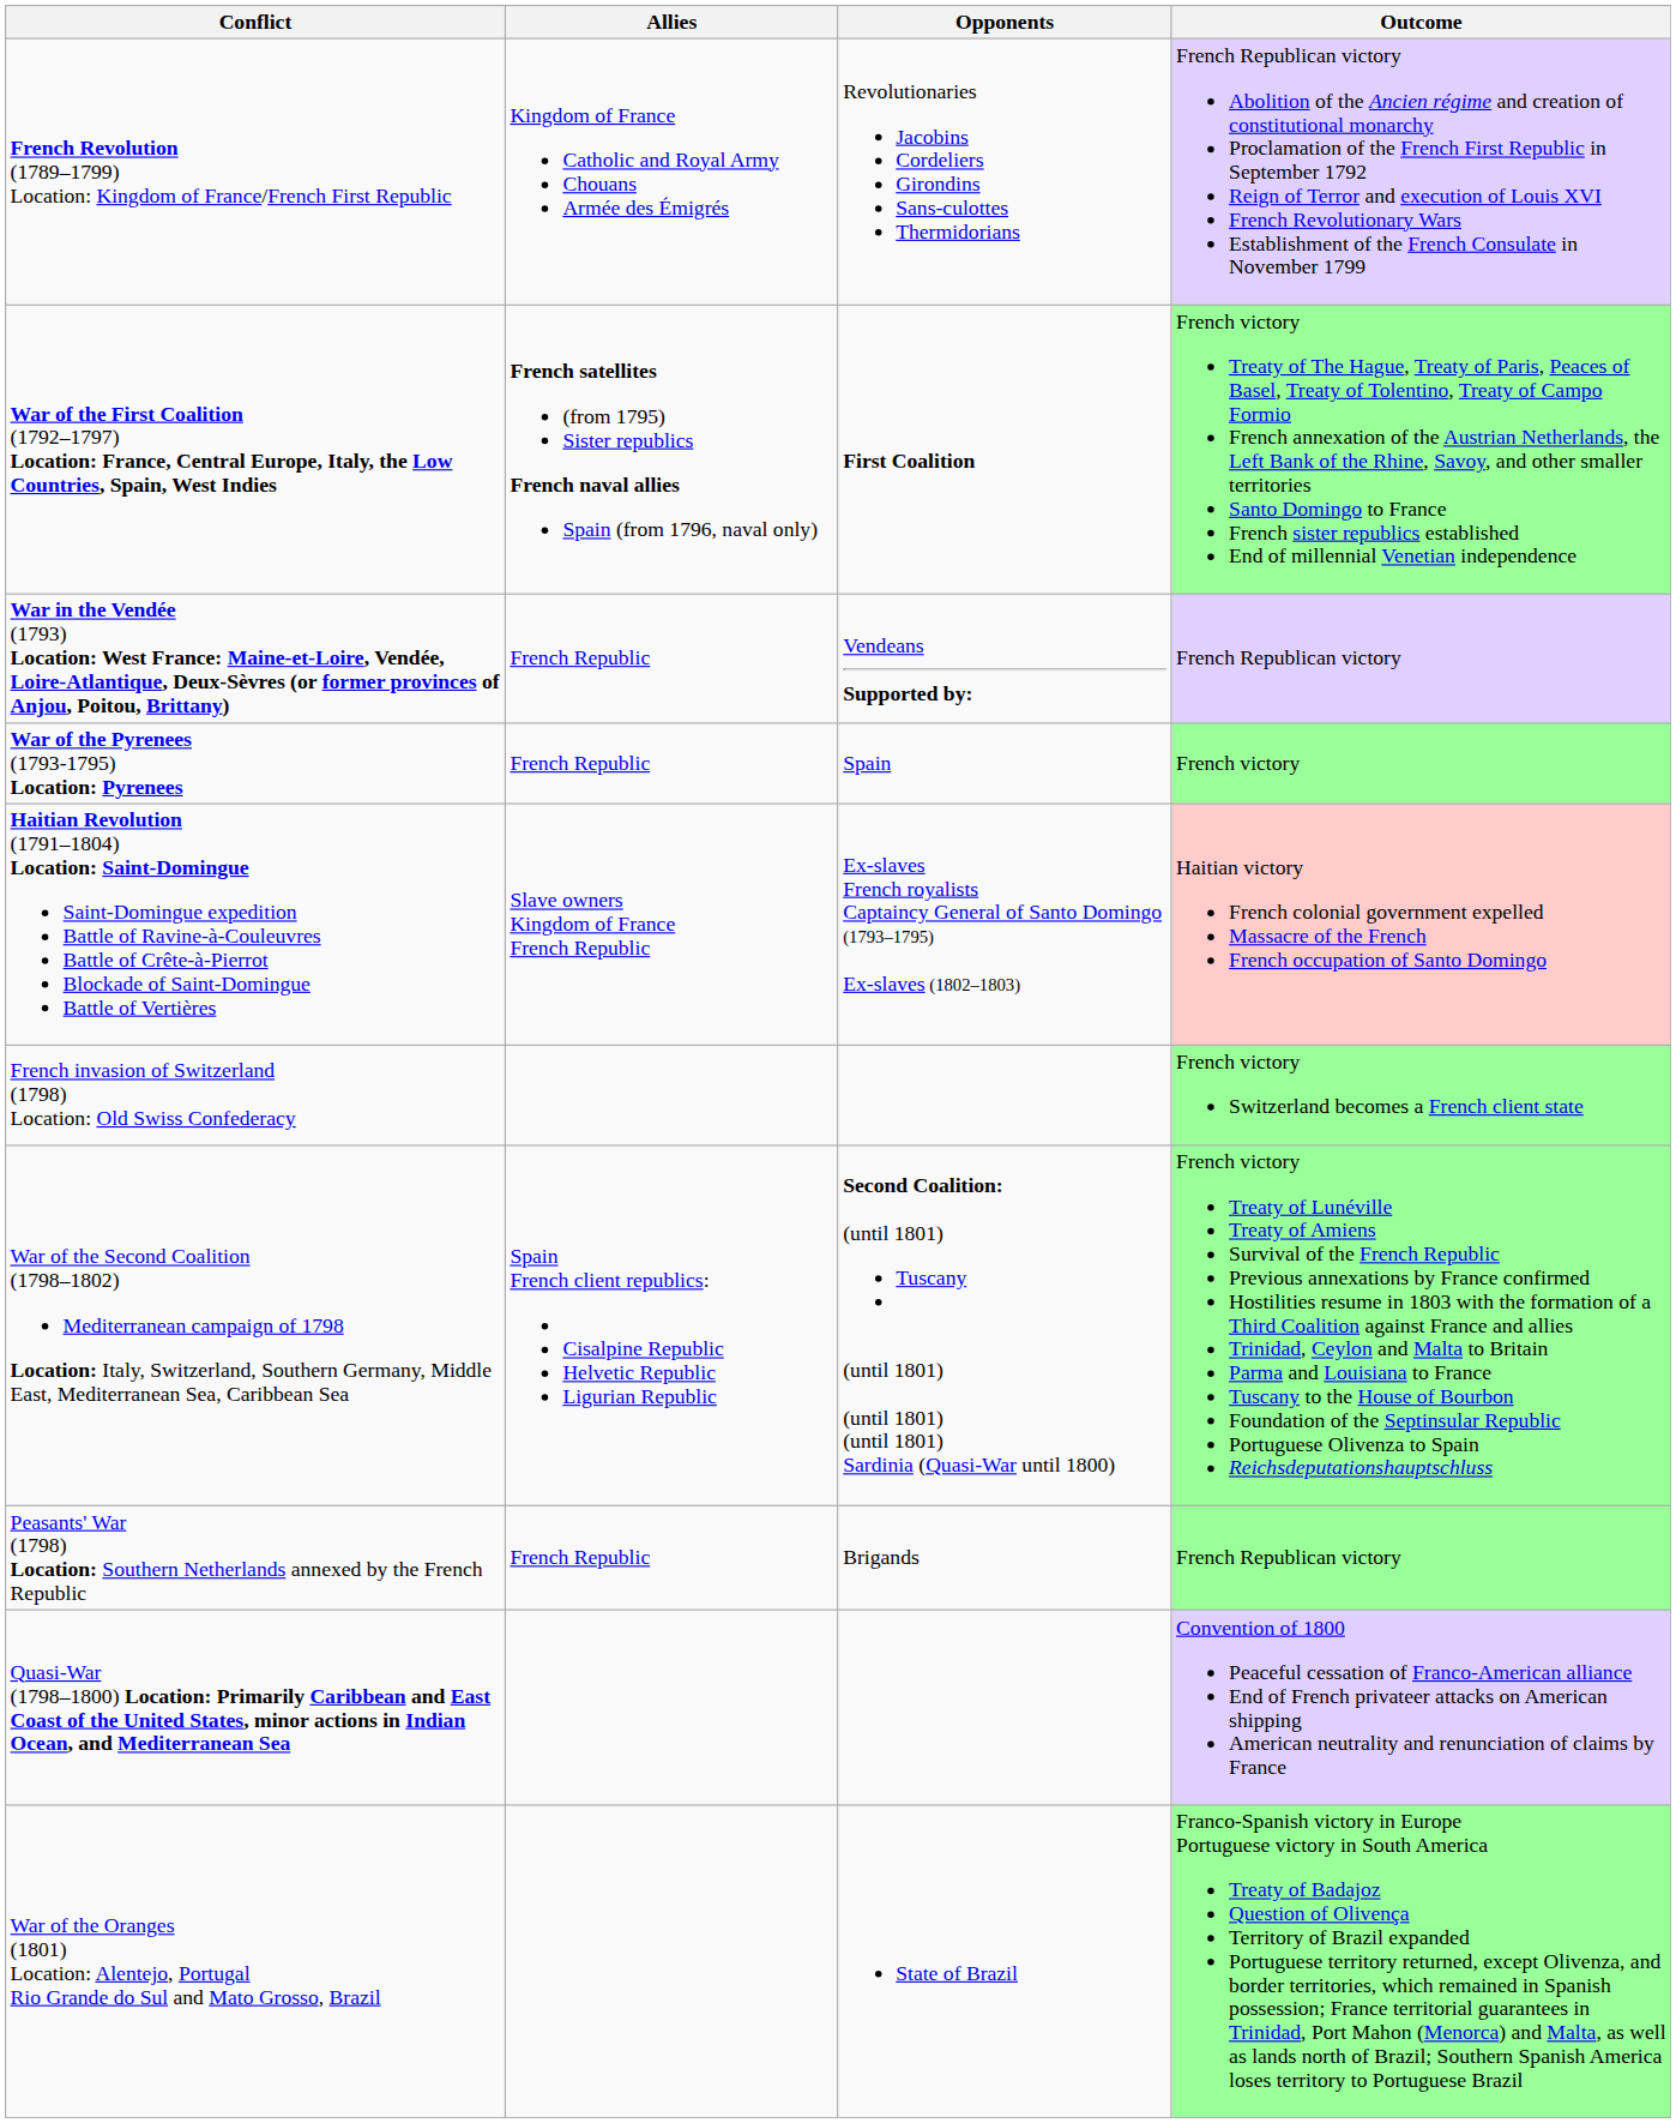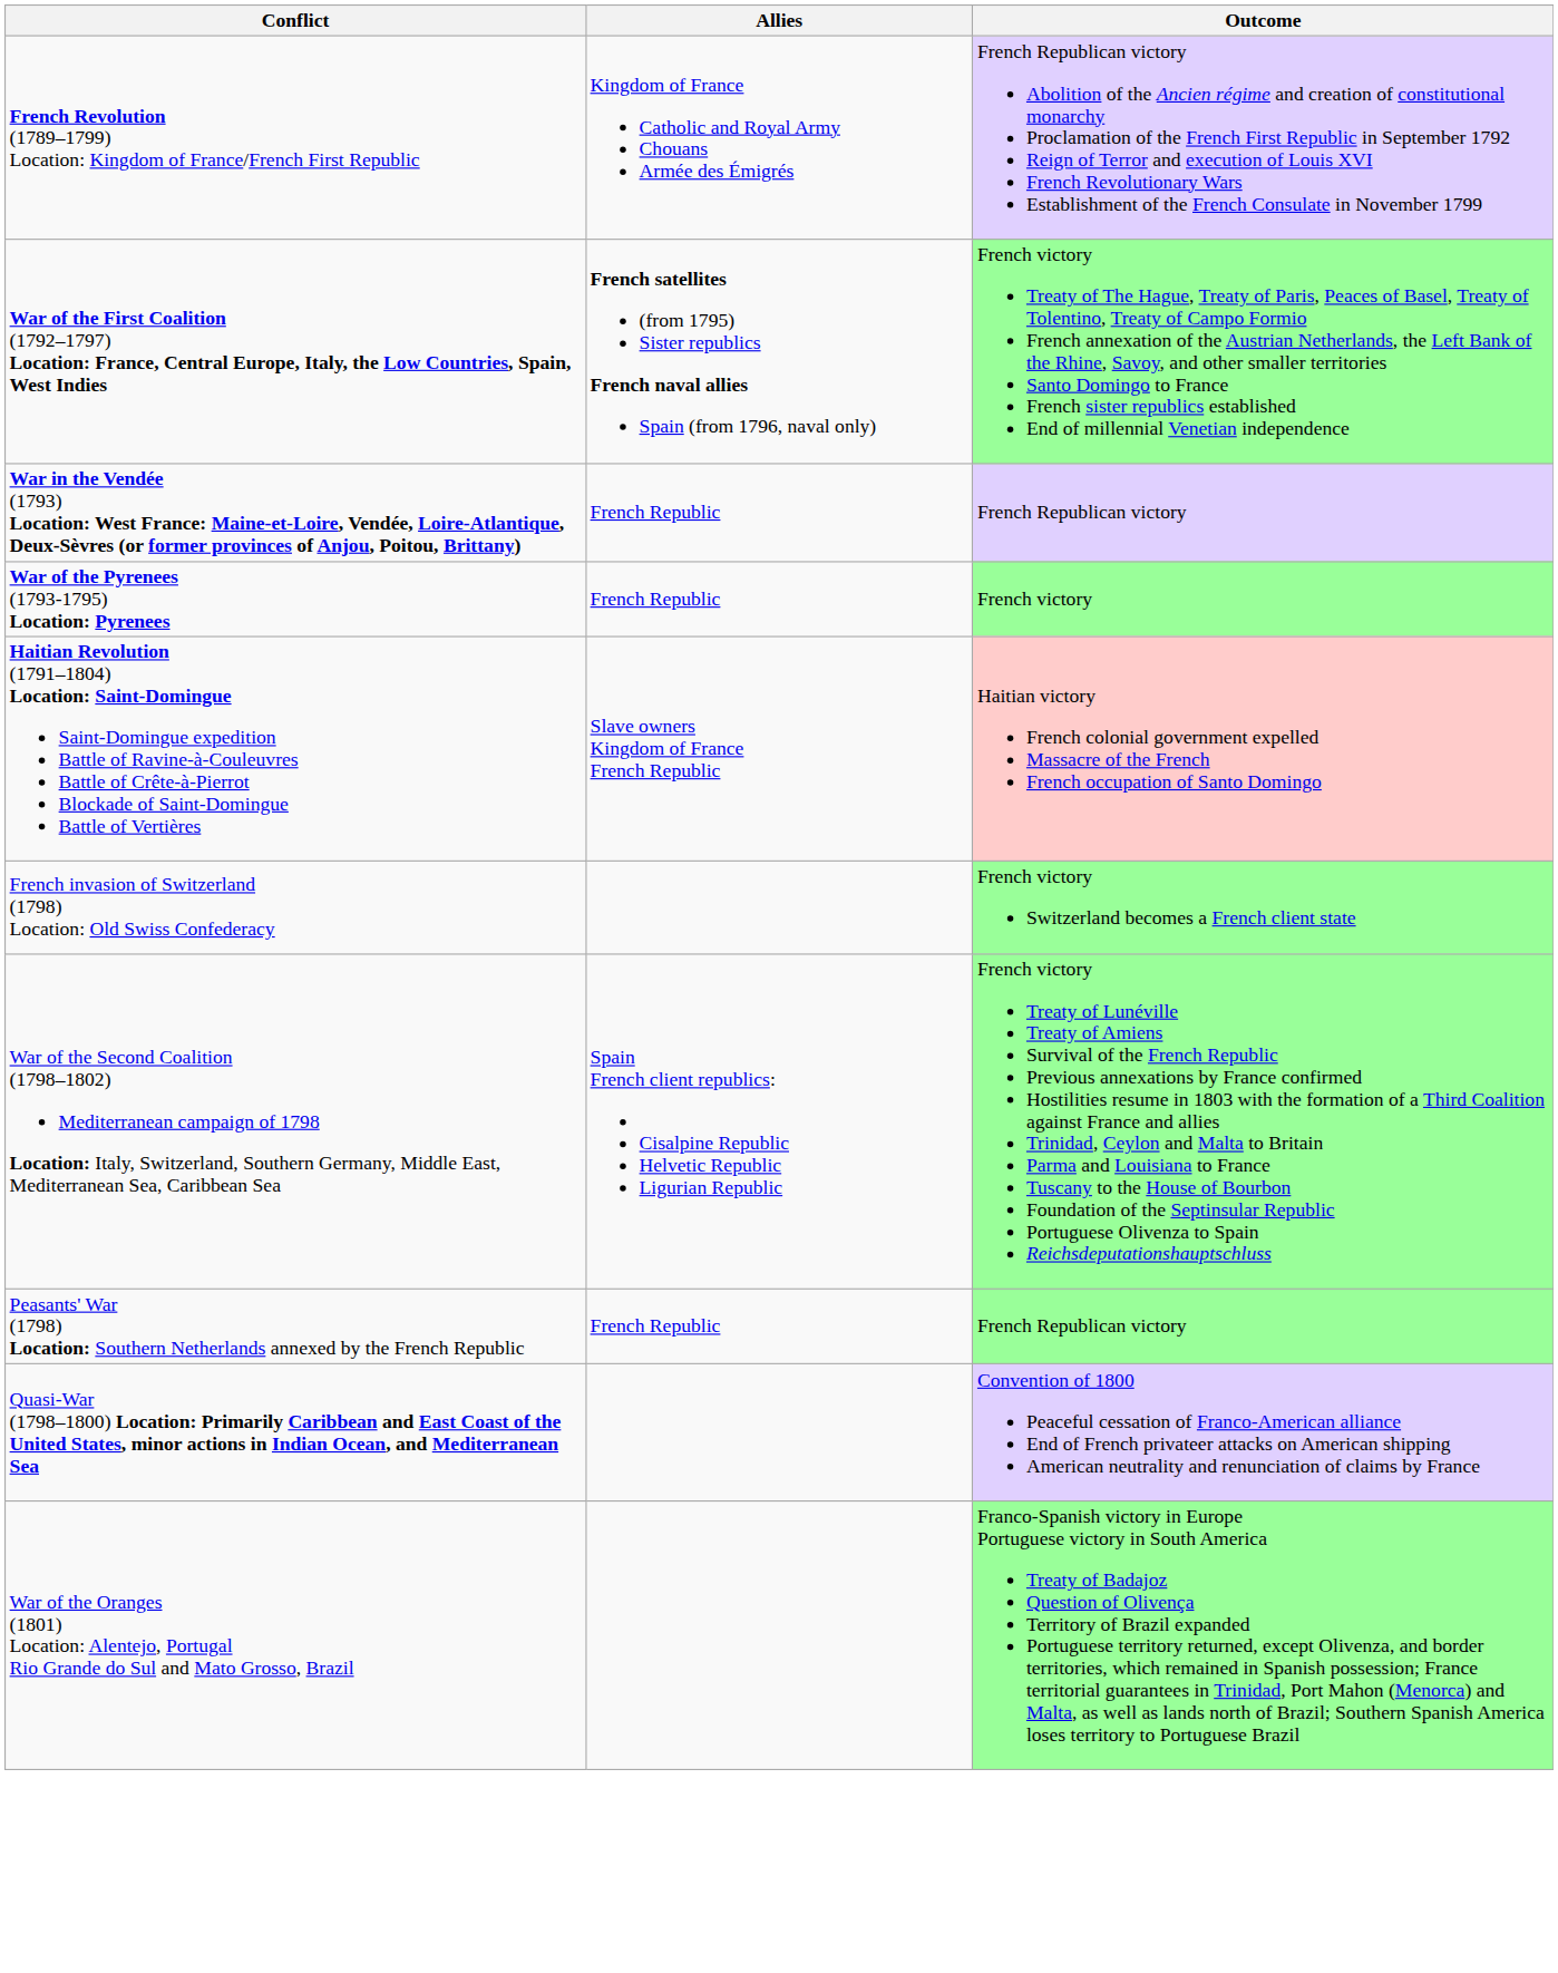 <table class="wikitable sortable" width="100%">
 <tr>
 <th width=30%>Conflict</th>
 <th width=20%>Allies</th>
-<th width=20%>Opponents</th>
 <th width=30%>Outcome</th>
 </tr>
 <tr>
 <td><strong><a href='#'>French Revolution</a></strong><br>(1789–1799)<br>Location: <a href='#'>Kingdom of France</a>/<a href='#'>French First Republic</a></td>
 <td> <a href='#'>Kingdom of France</a><br><ul><li><a href='#'>Catholic and Royal Army</a></li><li><a href='#'>Chouans</a></li><li><a href='#'>Armée des Émigrés</a></li></ul></td>
-<td>Revolutionaries<br><ul><li><a href='#'>Jacobins</a></li><li><a href='#'>Cordeliers</a></li><li><a href='#'>Girondins</a></li><li><a href='#'>Sans-culottes</a></li><li><a href='#'>Thermidorians</a></li></ul></td>
 <td style="background:#E0D0FF">French Republican victory<br><ul><li><a href='#'>Abolition</a> of the <em><a href='#'>Ancien régime</a></em> and creation of <a href='#'>constitutional monarchy</a></li><li>Proclamation of the <a href='#'>French First Republic</a> in September 1792</li><li><a href='#'>Reign of Terror</a> and <a href='#'>execution of Louis XVI</a></li><li><a href='#'>French Revolutionary Wars</a></li><li>Establishment of the <a href='#'>French Consulate</a> in November 1799</li></ul></td>
 </tr>
 <tr>
 <td><strong><a href='#'>War of the First Coalition</a></strong><br>(1792–1797)<br><strong>Location: France, Central Europe, Italy, the <a href='#'>Low Countries</a>, Spain, West Indies</strong></td>
 <td><br> <strong>French satellites</strong><ul><li> (from 1795)</li><li><a href='#'>Sister republics</a></li></ul><strong>French naval allies</strong><ul><li> <a href='#'>Spain</a> (from 1796, naval only)</li></ul></td>
-<td><br><strong>First Coalition</strong></td>
 <td style="background:#99ff99">French victory<br><ul><li><a href='#'>Treaty of The Hague</a>, <a href='#'>Treaty of Paris</a>, <a href='#'>Peaces of Basel</a>, <a href='#'>Treaty of Tolentino</a>, <a href='#'>Treaty of Campo Formio</a></li><li>French annexation of the <a href='#'>Austrian Netherlands</a>, the <a href='#'>Left Bank of the Rhine</a>, <a href='#'>Savoy</a>, and other smaller territories</li><li><a href='#'>Santo Domingo</a> to France</li><li>French <a href='#'>sister republics</a> established</li><li>End of millennial <a href='#'>Venetian</a> independence</li></ul></td>
 </tr>
 <tr>
 <td><strong><a href='#'>War in the Vendée</a></strong><br>(1793)<br><strong>Location: West France: <a href='#'>Maine-et-Loire</a>, Vendée, <a href='#'>Loire-Atlantique</a>, Deux-Sèvres (or <a href='#'>former provinces</a> of <a href='#'>Anjou</a>, Poitou, <a href='#'>Brittany</a>)</strong></td>
 <td> <a href='#'>French Republic</a></td>
-<td><br> <a href='#'>Vendeans</a><hr><strong>Supported by:</strong><br></td>
 <td style="background:#E0D0FF">French Republican victory</td>
 </tr>
 <tr>
 <td><strong><a href='#'>War of the Pyrenees</a></strong><br>(1793-1795)<br><strong>Location: <a href='#'>Pyrenees</a></strong></td>
 <td> <a href='#'>French Republic</a></td>
-<td> <a href='#'>Spain</a><br></td>
 <td style="background:#99ff99">French victory</td>
 </tr>
 <tr>
 <td><strong><a href='#'>Haitian Revolution</a></strong><br>(1791–1804)<br><strong>Location: <a href='#'>Saint-Domingue</a></strong> <ul><li><a href='#'>Saint-Domingue expedition</a></li><li><a href='#'>Battle of Ravine-à-Couleuvres</a></li><li><a href='#'>Battle of Crête-à-Pierrot</a></li><li><a href='#'>Blockade of Saint-Domingue</a></li><li><a href='#'>Battle of Vertières</a></li></ul></td>
 <td> <a href='#'>Slave owners</a><br> <a href='#'>Kingdom of France</a><br> <a href='#'>French Republic</a></td>
-<td> <a href='#'>Ex-slaves</a><br> <a href='#'>French royalists</a><br> <a href='#'>Captaincy General of Santo Domingo</a><small> (1793–1795) </small><br><br> <a href='#'>Ex-slaves</a><small> (1802–1803) </small></td>
 <td style="background:#FFCCCB">Haitian victory<br><ul><li>French colonial government expelled</li><li><a href='#'>Massacre of the French</a></li><li><a href='#'>French occupation of Santo Domingo</a></li></ul></td>
 </tr>
 <tr>
 <td><a href='#'>French invasion of Switzerland</a><br>(1798)<br>Location: <a href='#'>Old Swiss Confederacy</a></td>
-<td></td>
 <td></td>
 <td style="background:#99ff99">French victory<br><ul><li>Switzerland becomes a <a href='#'>French client state</a></li></ul></td>
 </tr>
 <tr>
 <td><a href='#'>War of the Second Coalition</a><br>(1798–1802)<br><ul><li><a href='#'>Mediterranean campaign of 1798</a></li></ul><strong>Location:</strong> Italy, Switzerland, Southern Germany, Middle East, Mediterranean Sea, Caribbean Sea</td>
 <td><br> <a href='#'>Spain</a><br><a href='#'>French client republics</a>:<br><ul><li></li><li> <a href='#'>Cisalpine Republic</a></li><li> <a href='#'>Helvetic Republic</a></li><li> <a href='#'>Ligurian Republic</a></li></ul></td>
-<td><strong>Second Coalition:</strong><br><br> (until 1801)<ul><li> <a href='#'>Tuscany</a></li><li></li></ul><br> (until 1801)<br><br> (until 1801)<br> (until 1801)<br> <a href='#'>Sardinia</a> (<a href='#'>Quasi-War</a> until 1800)</td>
 <td style="background:#99ff99">French victory<br><ul><li><a href='#'>Treaty of Lunéville</a></li><li><a href='#'>Treaty of Amiens</a></li><li>Survival of the <a href='#'>French Republic</a></li><li>Previous annexations by France confirmed</li><li>Hostilities resume in 1803 with the formation of a <a href='#'>Third Coalition</a> against France and allies</li><li><a href='#'>Trinidad</a>, <a href='#'>Ceylon</a> and <a href='#'>Malta</a> to Britain</li><li><a href='#'>Parma</a> and <a href='#'>Louisiana</a> to France</li><li><a href='#'>Tuscany</a> to the <a href='#'>House of Bourbon</a></li><li>Foundation of the <a href='#'>Septinsular Republic</a></li><li>Portuguese Olivenza to Spain</li><li><em><a href='#'>Reichsdeputationshauptschluss</a></em></li></ul></td>
 </tr>
 <tr>
 <td><a href='#'>Peasants' War</a><br>(1798)<br><strong>Location:</strong> <a href='#'>Southern Netherlands</a> annexed by the French Republic</td>
 <td> <a href='#'>French Republic</a></td>
-<td> Brigands</td>
 <td style="background:#99ff99">French Republican victory</td>
 </tr>
 <tr>
 <td><a href='#'>Quasi-War</a><br>(1798–1800) <strong>Location:</strong> <strong>Primarily <a href='#'>Caribbean</a> and <a href='#'>East Coast of the United States</a>, minor actions in <a href='#'>Indian Ocean</a>, and <a href='#'>Mediterranean Sea</a></strong></td>
-<td></td>
 <td></td>
 <td style="background:#E0D0FF"><a href='#'>Convention of 1800</a><br><ul><li>Peaceful cessation of <a href='#'>Franco-American alliance</a></li><li>End of French privateer attacks on American shipping</li><li>American neutrality and renunciation of claims by France</li></ul></td>
 </tr>
 <tr>
 <td><a href='#'>War of the Oranges</a><br>(1801)<br>Location: <a href='#'>Alentejo</a>, <a href='#'>Portugal</a><br><a href='#'>Rio Grande do Sul</a> and <a href='#'>Mato Grosso</a>, <a href='#'>Brazil</a></td>
 <td></td>
-<td><br><ul><li> <a href='#'>State of Brazil</a></li></ul></td>
 <td style="background:#99ff99">Franco-Spanish victory in Europe<br>Portuguese victory in South America<br><ul><li><a href='#'>Treaty of Badajoz</a></li><li><a href='#'>Question of Olivença</a></li><li>Territory of Brazil expanded</li><li>Portuguese territory returned, except Olivenza, and border territories, which remained in Spanish possession; France territorial guarantees in <a href='#'>Trinidad</a>, Port Mahon (<a href='#'>Menorca</a>) and <a href='#'>Malta</a>, as well as lands north of Brazil; Southern Spanish America loses territory to Portuguese Brazil</li></ul></td>
 </tr>
 </table>
